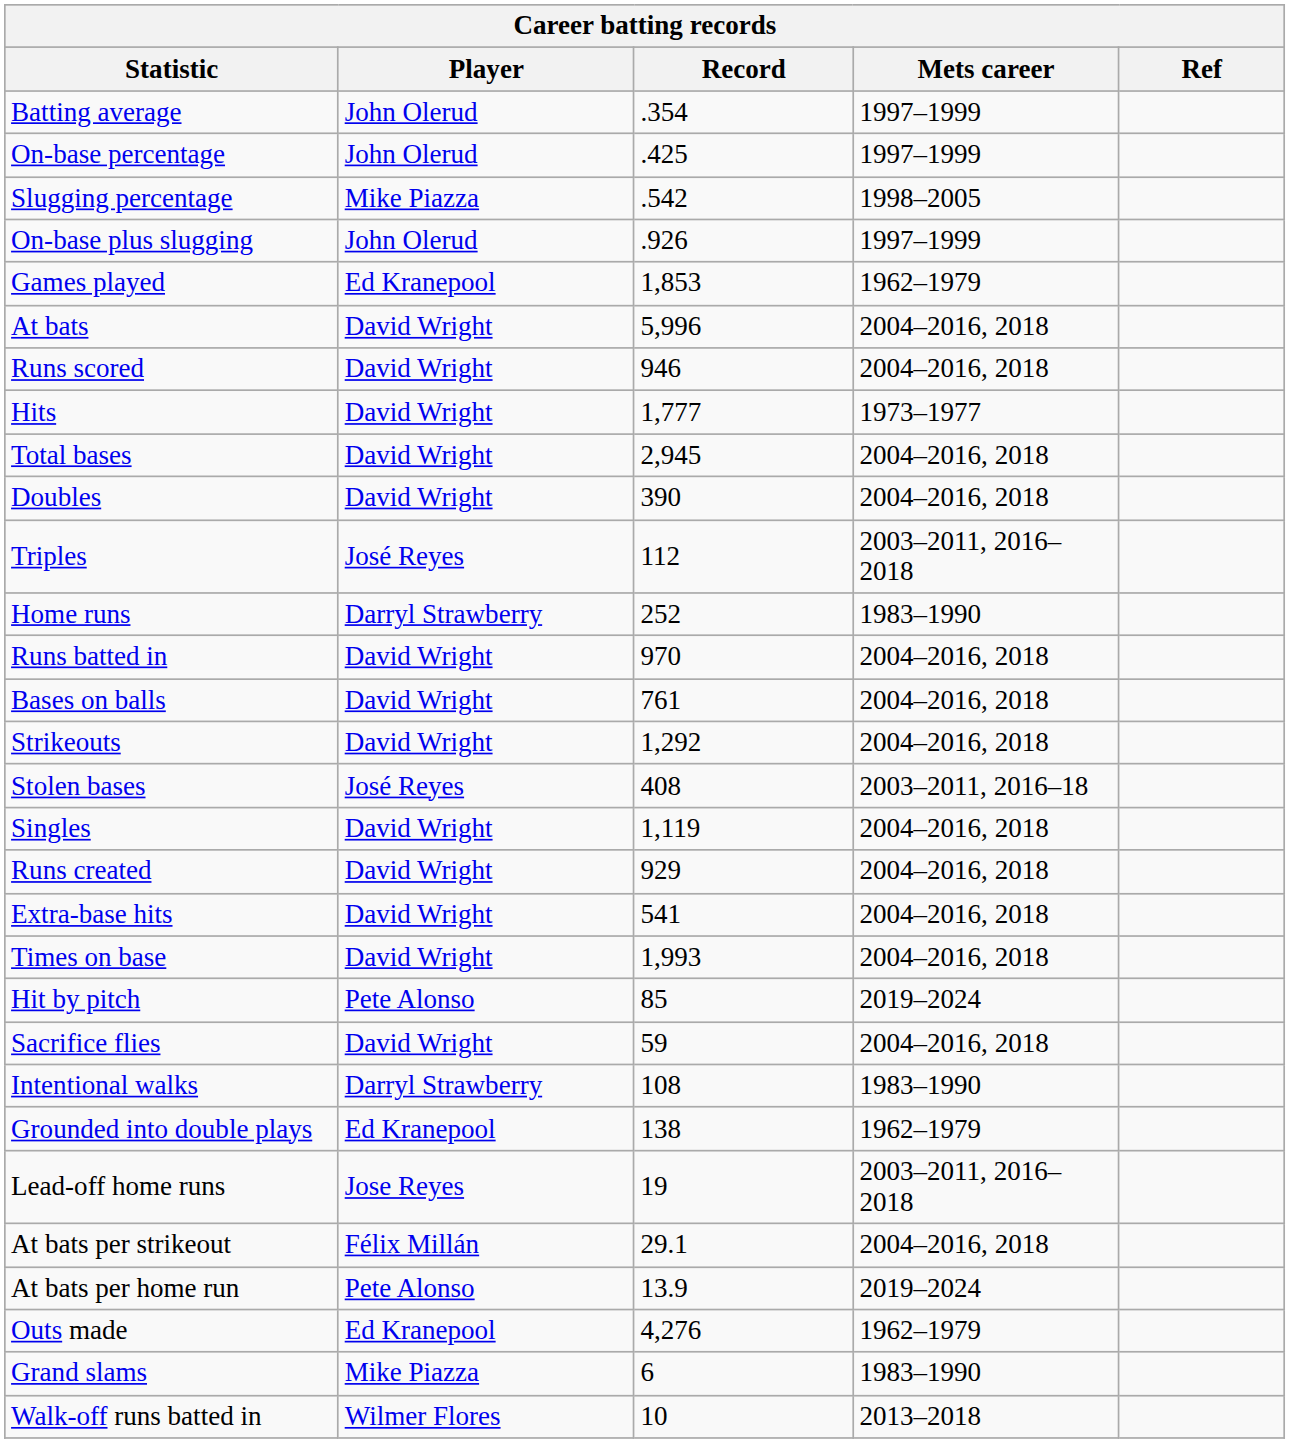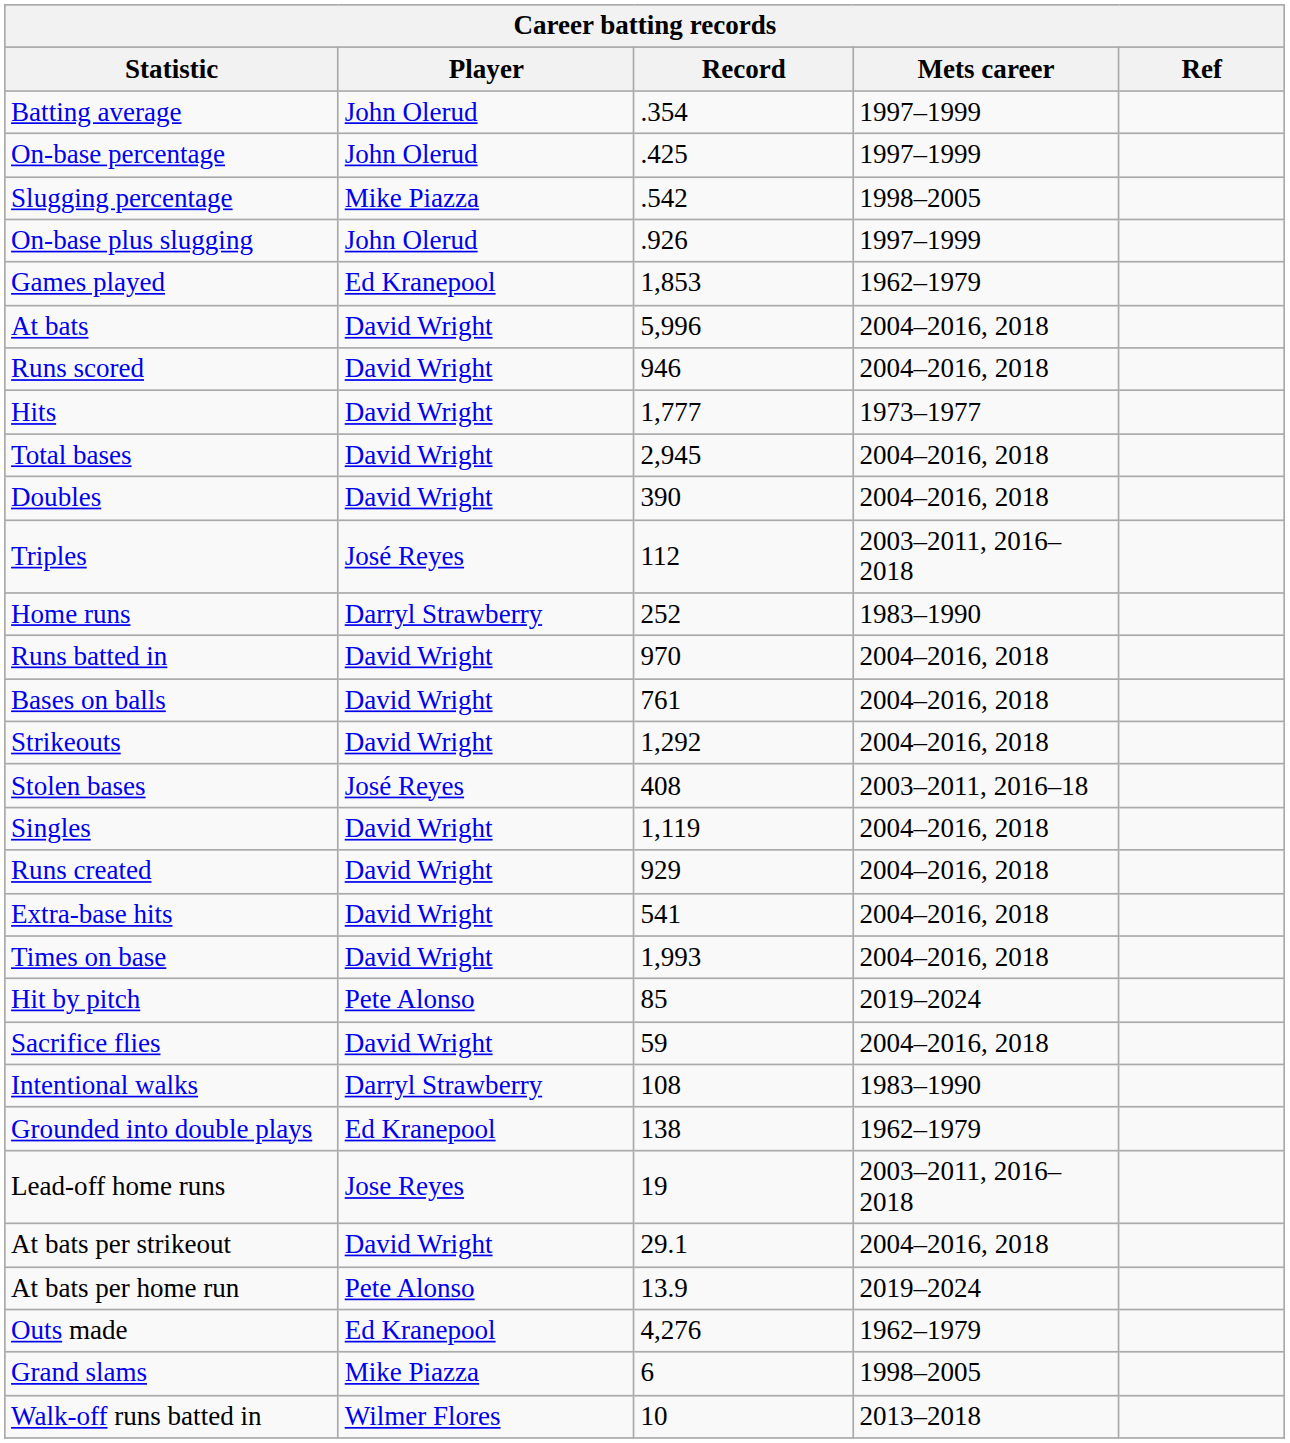 <table class="sortable wikitable" style="text-align:left" width="60%">
 <tr>
 <th colspan=5>Career batting records</th>
 </tr>
 <tr>
 <th scope="col" width=10%>Statistic</th>
 <th scope="col" width=8%>Player</th>
 <th scope="col" width=6% class="unsortable">Record</th>
 <th scope="col" width=8%>Mets career</th>
 <th scope="col" width=5% class="unsortable">Ref</th>
 </tr>
 <tr>
 <td><a href='#'>Batting average</a></td>
 <td><a href='#'>John Olerud</a></td>
 <td>.354</td>
 <td>1997–1999</td>
 <td></td>
 </tr>
 <tr>
 <td><a href='#'>On-base percentage</a></td>
 <td><a href='#'>John Olerud</a></td>
 <td>.425</td>
 <td>1997–1999</td>
 <td></td>
 </tr>
 <tr>
 <td><a href='#'>Slugging percentage</a></td>
 <td><a href='#'>Mike Piazza</a></td>
 <td>.542</td>
 <td>1998–2005</td>
 <td></td>
 </tr>
 <tr>
 <td><a href='#'>On-base plus slugging</a></td>
 <td><a href='#'>John Olerud</a></td>
 <td>.926</td>
 <td>1997–1999</td>
 <td></td>
 </tr>
 <tr>
 <td><a href='#'>Games played</a></td>
 <td><a href='#'>Ed Kranepool</a></td>
 <td>1,853</td>
 <td>1962–1979</td>
 <td></td>
 </tr>
 <tr>
 <td><a href='#'>At bats</a></td>
 <td><a href='#'>David Wright</a></td>
 <td>5,996</td>
 <td>2004–2016, 2018</td>
 <td></td>
 </tr>
 <tr>
 <td><a href='#'>Runs scored</a></td>
 <td><a href='#'>David Wright</a></td>
 <td>946</td>
 <td>2004–2016, 2018</td>
 <td></td>
 </tr>
 <tr>
 <td><a href='#'>Hits</a></td>
 <td><a href='#'>David Wright</a></td>
 <td>1,777</td>
 <td>1973–1977</td>
 <td></td>
 </tr>
 <tr>
 <td><a href='#'>Total bases</a></td>
 <td><a href='#'>David Wright</a></td>
 <td>2,945</td>
 <td>2004–2016, 2018</td>
 <td></td>
 </tr>
 <tr>
 <td><a href='#'>Doubles</a></td>
 <td><a href='#'>David Wright</a></td>
 <td>390</td>
 <td>2004–2016, 2018</td>
 <td></td>
 </tr>
 <tr>
 <td><a href='#'>Triples</a></td>
 <td><a href='#'>José Reyes</a></td>
 <td>112</td>
 <td>2003–2011, 2016–2018</td>
 <td></td>
 </tr>
 <tr>
 <td><a href='#'>Home runs</a></td>
 <td><a href='#'>Darryl Strawberry</a></td>
 <td>252</td>
 <td>1983–1990</td>
 <td></td>
 </tr>
 <tr>
 <td><a href='#'>Runs batted in</a></td>
 <td><a href='#'>David Wright</a></td>
 <td>970</td>
 <td>2004–2016, 2018</td>
 <td></td>
 </tr>
 <tr>
 <td><a href='#'>Bases on balls</a></td>
 <td><a href='#'>David Wright</a></td>
 <td>761</td>
 <td>2004–2016, 2018</td>
 <td></td>
 </tr>
 <tr>
 <td><a href='#'>Strikeouts</a></td>
 <td><a href='#'>David Wright</a></td>
 <td>1,292</td>
 <td>2004–2016, 2018</td>
 <td></td>
 </tr>
 <tr>
 <td><a href='#'>Stolen bases</a></td>
 <td><a href='#'>José Reyes</a></td>
 <td>408</td>
 <td>2003–2011, 2016–18</td>
 <td></td>
 </tr>
 <tr>
 <td><a href='#'>Singles</a></td>
 <td><a href='#'>David Wright</a></td>
 <td>1,119</td>
 <td>2004–2016, 2018</td>
 <td></td>
 </tr>
 <tr>
 <td><a href='#'>Runs created</a></td>
 <td><a href='#'>David Wright</a></td>
 <td>929</td>
 <td>2004–2016, 2018</td>
 <td></td>
 </tr>
 <tr>
 <td><a href='#'>Extra-base hits</a></td>
 <td><a href='#'>David Wright</a></td>
 <td>541</td>
 <td>2004–2016, 2018</td>
 <td></td>
 </tr>
 <tr>
 <td><a href='#'>Times on base</a></td>
 <td><a href='#'>David Wright</a></td>
 <td>1,993</td>
 <td>2004–2016, 2018</td>
 <td></td>
 </tr>
 <tr>
 <td><a href='#'>Hit by pitch</a></td>
 <td><a href='#'>Pete Alonso</a></td>
 <td>85</td>
 <td>2019–2024</td>
 <td></td>
 </tr>
 <tr>
 <td><a href='#'>Sacrifice flies</a></td>
 <td><a href='#'>David Wright</a></td>
 <td>59</td>
 <td>2004–2016, 2018</td>
 <td></td>
 </tr>
 <tr>
 <td><a href='#'>Intentional walks</a></td>
 <td><a href='#'>Darryl Strawberry</a></td>
 <td>108</td>
 <td>1983–1990</td>
 <td></td>
 </tr>
 <tr>
 <td><a href='#'>Grounded into double plays</a></td>
 <td><a href='#'>Ed Kranepool</a></td>
 <td>138</td>
 <td>1962–1979</td>
 <td></td>
 </tr>
 <tr>
 <td>Lead-off home runs</td>
 <td><a href='#'>Jose Reyes</a></td>
 <td>19</td>
 <td>2003–2011, 2016–2018</td>
 <td></td>
 </tr>
 <tr>
 <td>At bats per strikeout</td>
-<td><a href='#'>Félix Millán</a></td>
+<td><a href='#'>David Wright</a></td>
 <td>29.1</td>
 <td>2004–2016, 2018</td>
 <td></td>
 </tr>
 <tr>
 <td>At bats per home run</td>
 <td><a href='#'>Pete Alonso</a></td>
 <td>13.9</td>
 <td>2019–2024</td>
 <td></td>
 </tr>
 <tr>
 <td><a href='#'>Outs</a> made</td>
 <td><a href='#'>Ed Kranepool</a></td>
 <td>4,276</td>
 <td>1962–1979</td>
 <td></td>
 </tr>
 <tr>
 <td><a href='#'>Grand slams</a></td>
 <td><a href='#'>Mike Piazza</a></td>
 <td>6</td>
-<td>1983–1990</td>
+<td>1998–2005</td>
 <td></td>
 </tr>
 <tr>
 <td><a href='#'>Walk-off</a> runs batted in</td>
 <td><a href='#'>Wilmer Flores</a></td>
 <td>10</td>
 <td>2013–2018</td>
 <td></td>
 </tr>
 </table>
